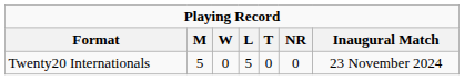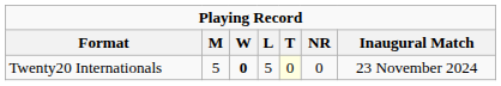 <table class="wikitable" style="text-align: center; width: 500px;">
 <tr>
 <td colspan=7 align="center"><strong>Playing Record</strong></td>
 </tr>
 <tr>
 <th>Format</th>
 <th>M</th>
 <th>W</th>
 <th>L</th>
 <th>T</th>
 <th>NR</th>
 <th>Inaugural Match</th>
 </tr>
 <tr>
 <td align="left">Twenty20 Internationals</td>
 <td>5</td>
-<td>0</td>
+<td><strong>0</strong></td>
 <td>5</td>
-<td>0</td>
+<td style="background: lightyellow;">0</td>
 <td>0</td>
 <td>23 November 2024</td>
 </tr>
 </table>
